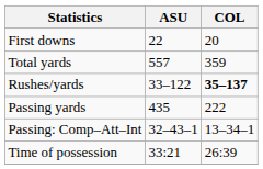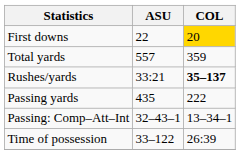 <table class="wikitable" style="float: left;">
 <tr>
 <th>Statistics</th>
 <th>ASU</th>
 <th>COL</th>
 </tr>
 <tr>
 <td>First downs</td>
 <td>22</td>
-<td>20</td>
+<td style="background: gold;">20</td>
 </tr>
 <tr>
 <td>Total yards</td>
 <td>557</td>
 <td>359</td>
 </tr>
 <tr>
 <td>Rushes/yards</td>
-<td>33–122</td>
+<td>33:21</td>
 <td><strong>35–137</strong></td>
 </tr>
 <tr>
 <td>Passing yards</td>
 <td>435</td>
 <td>222</td>
 </tr>
 <tr>
 <td>Passing: Comp–Att–Int</td>
 <td>32–43–1</td>
 <td>13–34–1</td>
 </tr>
 <tr>
 <td>Time of possession</td>
-<td>33:21</td>
+<td>33–122</td>
 <td>26:39</td>
 </tr>
 <tr>
 </tr>
 </table>
